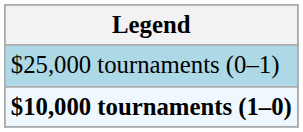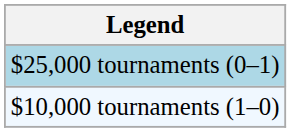 <table class="wikitable" style="font-size:85%">
 <tr>
 <th>Legend</th>
 </tr>
 <tr style="background:lightblue;">
 <td>$25,000 tournaments (0–1)</td>
 </tr>
 <tr style="background:#f0f8ff;">
-<td><strong>$10,000 tournaments (1–0)</strong></td>
+<td>$10,000 tournaments (1–0)</td>
 </tr>
 </table>
